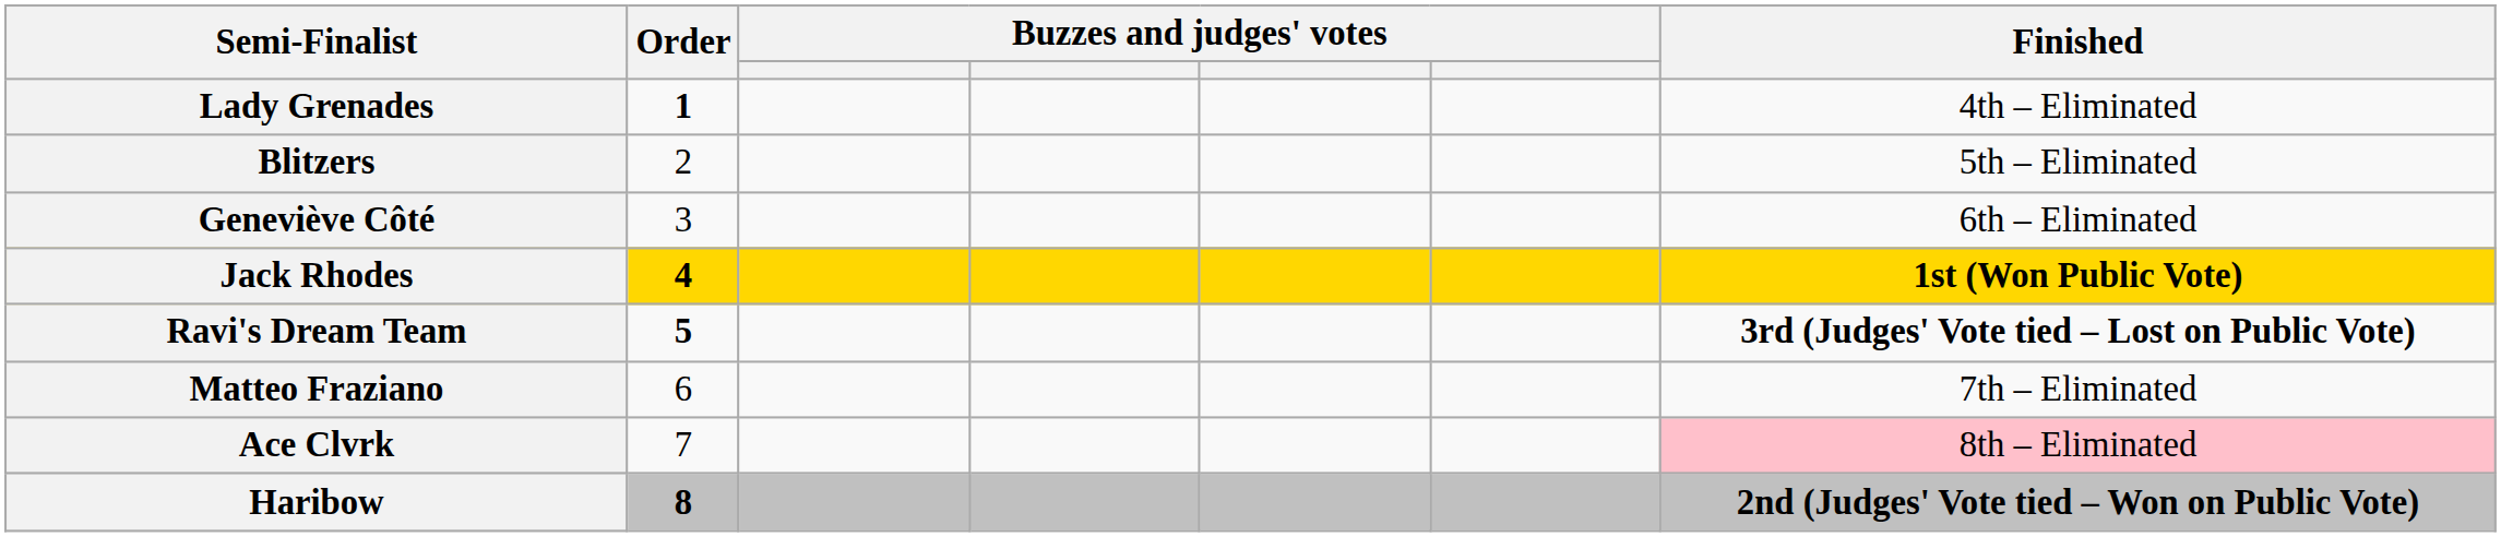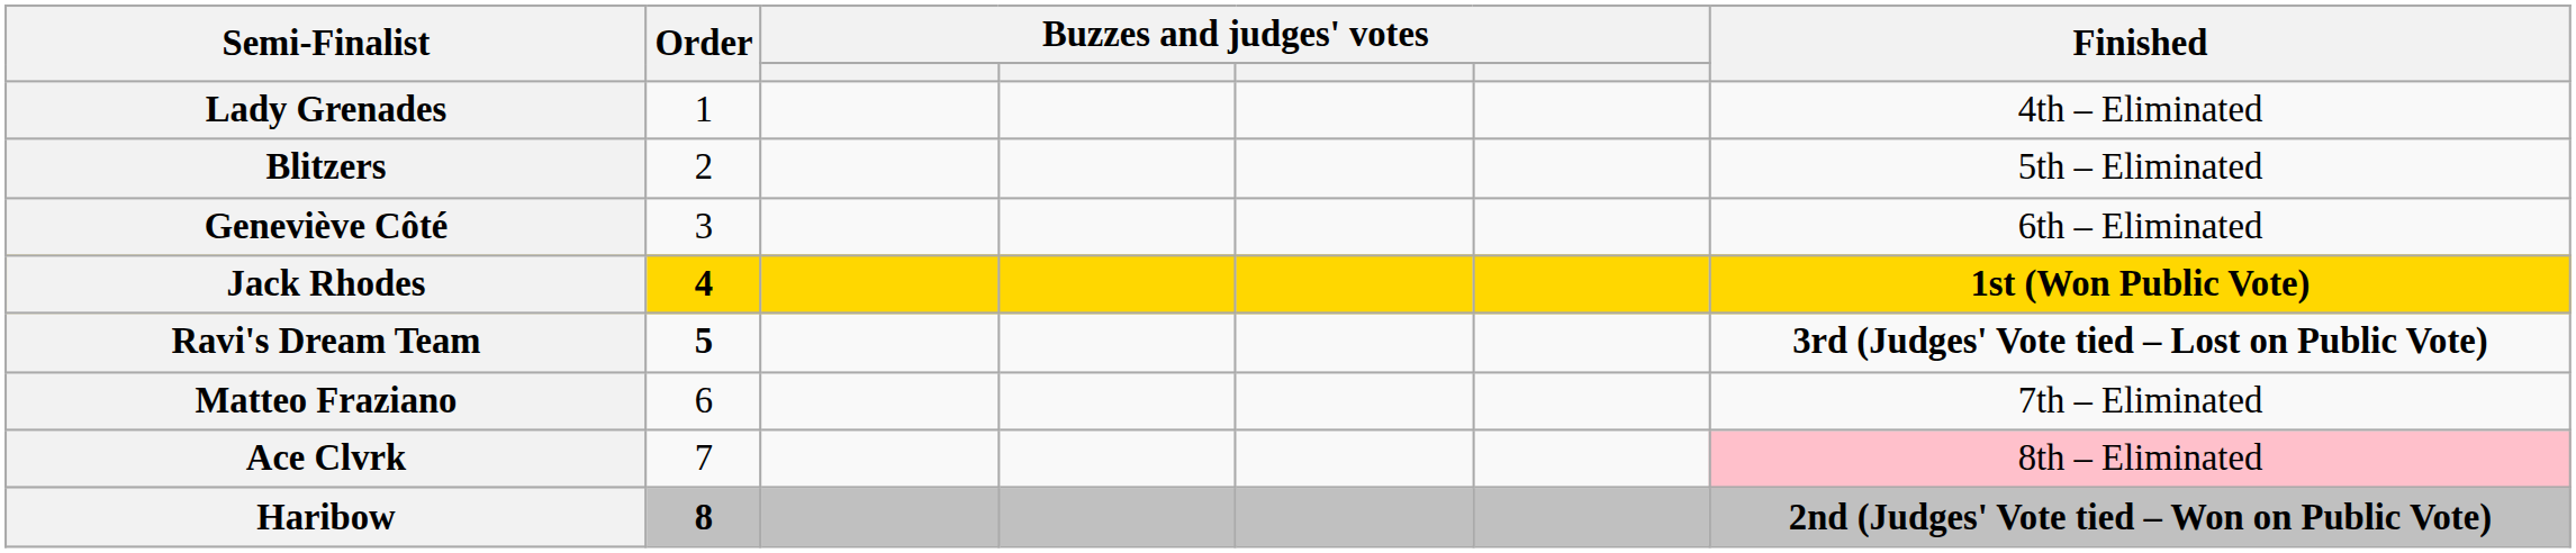 <table class="wikitable plainrowheaders sortable" style="text-align:center;">
 <tr>
 <th scope="col" rowspan="2" class="unsortable" style="width:17em;">Semi-Finalist</th>
 <th scope="col" rowspan="2" style="width:1em;">Order</th>
 <th scope="col" colspan="4" class="unsortable" style="width:24em;">Buzzes and judges' votes</th>
 <th scope="col" rowspan="2" style="width:23em;">Finished</th>
 </tr>
 <tr>
 <th scope="col" class="unsortable" style="width:6em;"></th>
 <th scope="col" class="unsortable" style="width:6em;"></th>
 <th scope="col" class="unsortable" style="width:6em;"></th>
 <th scope="col" class="unsortable" style="width:6em;"></th>
 </tr>
 <tr>
 <th scope="row">Lady Grenades</th>
-<td><strong>1</strong></td>
+<td>1</td>
 <td style="text-align:center;"></td>
 <td style="text-align:center;"></td>
 <td style="text-align:center;"></td>
 <td style="text-align:center;"></td>
 <td>4th – Eliminated</td>
 </tr>
 <tr Eliminated>
 <th scope="row">Blitzers</th>
 <td>2</td>
 <td style="text-align:center;"></td>
 <td style="text-align:center;"></td>
 <td style="text-align:center;"></td>
 <td style="text-align:center;"></td>
 <td>5th – Eliminated</td>
 </tr>
 <tr>
 <th scope="row">Geneviève Côté</th>
 <td>3</td>
 <td style="text-align:center;"></td>
 <td style="text-align:center;"></td>
 <td style="text-align:center;"></td>
 <td style="text-align:center;"></td>
 <td>6th – Eliminated</td>
 </tr>
 <tr bgcolor="gold">
 <th scope="row"><strong> Jack Rhodes</strong></th>
 <td><strong>4</strong></td>
 <td style="text-align:center;"></td>
 <td style="text-align:center;"></td>
 <td style="text-align:center;"></td>
 <td style="text-align:center;"></td>
 <td><strong>1st (Won Public Vote)</strong></td>
 </tr>
 <tr -bgcolor=#c96>
 <th scope="row"><strong>  Ravi's Dream Team</strong></th>
 <td><strong>5</strong></td>
 <td style="text-align:center;"></td>
 <td style="text-align:center;"></td>
 <td style="text-align:center;"></td>
 <td style="text-align:center;"></td>
 <td><strong>3rd (Judges' Vote tied – Lost on Public Vote)</strong></td>
 </tr>
 <tr>
 <th scope="row">Matteo Fraziano</th>
 <td>6</td>
 <td style="text-align:center;"></td>
 <td style="text-align:center;"></td>
 <td style="text-align:center;"></td>
 <td style="text-align:center;"></td>
 <td>7th – Eliminated</td>
 </tr>
 <tr>
 <th scope="row">Ace Clvrk</th>
 <td>7</td>
 <td style="text-align:center;"></td>
 <td style="text-align:center;"></td>
 <td style="text-align:center;"></td>
 <td style="text-align:center;"></td>
 <td style="background: pink;">8th – Eliminated</td>
 </tr>
 <tr bgcolor="silver">
 <th scope="row"><strong>Haribow</strong></th>
 <td><strong>8</strong></td>
 <td style="text-align:center;"></td>
 <td style="text-align:center;"></td>
 <td style="text-align:center;"></td>
 <td style="text-align:center;"></td>
 <td><strong>2nd (Judges' Vote tied – Won on Public Vote)</strong></td>
 </tr>
 </table>
